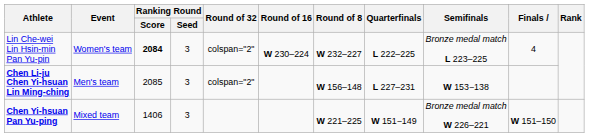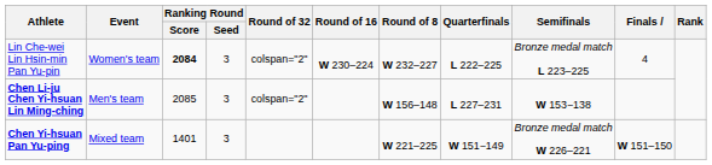 <table class="wikitable" style="font-size:85%; text-align:center">
 <tr>
 <th rowspan="2">Athlete</th>
 <th rowspan="2">Event</th>
 <th colspan="2">Ranking Round</th>
 <th rowspan="2">Round of 32</th>
 <th rowspan="2">Round of 16</th>
 <th rowspan="2">Round of 8</th>
 <th rowspan="2">Quarterfinals</th>
 <th rowspan="2">Semifinals</th>
 <th rowspan="2">Finals / </th>
 <th rowspan="2">Rank</th>
 </tr>
 <tr>
 <th>Score</th>
 <th>Seed</th>
 </tr>
 <tr>
 <td align="left"><a href='#'>Lin Che-wei</a> <br> <a href='#'>Lin Hsin-min</a> <br> <a href='#'>Pan Yu-pin</a></td>
 <td align="left"><a href='#'>Women's team</a></td>
 <td><strong>2084</strong></td>
 <td>3</td>
 <td>colspan="2" </td>
 <td><br><strong>W</strong> 230–224</td>
 <td><br><strong>W</strong> 232–227</td>
 <td><br><strong>L</strong> 222–225</td>
 <td><em>Bronze medal match</em><br><br><strong>L</strong> 223–225</td>
 <td>4</td>
 </tr>
 <tr>
 <td align="left"><strong><a href='#'>Chen Li-ju</a> <br> <a href='#'>Chen Yi-hsuan</a> <br> <a href='#'>Lin Ming-ching</a></strong></td>
 <td align="left"><a href='#'>Men's team</a></td>
 <td>2085</td>
 <td>3</td>
 <td>colspan="2" </td>
 <td></td>
 <td><br><strong>W</strong> 156–148</td>
 <td><br><strong>L</strong> 227–231</td>
 <td><br><strong>W</strong> 153−138</td>
 <td></td>
 </tr>
 <tr>
 <td align="left"><strong><a href='#'>Chen Yi-hsuan</a> <br> <a href='#'>Pan Yu-ping</a></strong></td>
 <td align="left"><a href='#'>Mixed team</a></td>
-<td>1406</td>
+<td>1401</td>
 <td>3</td>
 <td></td>
 <td></td>
 <td><br><strong>W</strong> 221–225</td>
 <td><br><strong>W</strong> 151−149</td>
 <td><em>Bronze medal match</em><br><br><strong>W</strong> 226–221</td>
 <td><br><strong>W</strong> 151–150</td>
 <td></td>
 </tr>
 </table>
